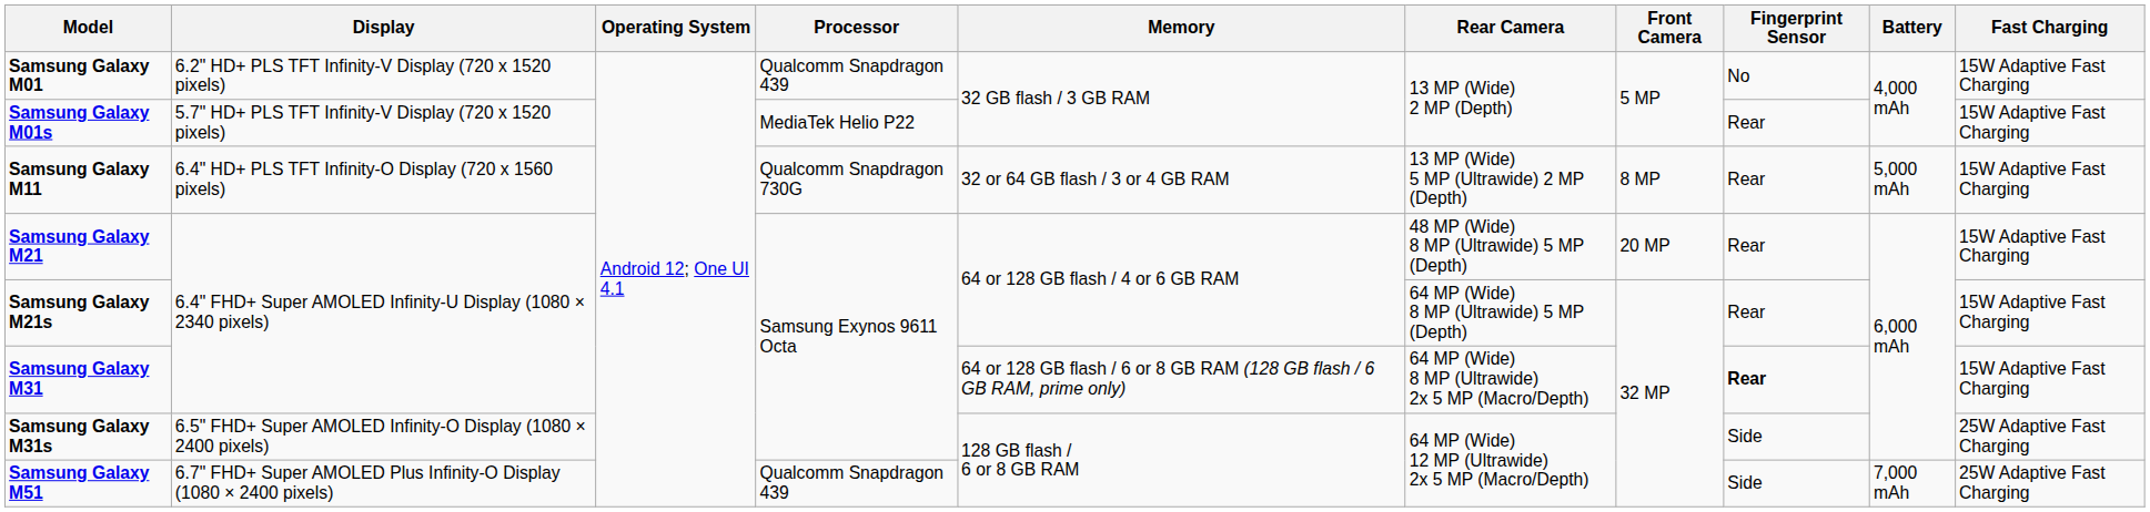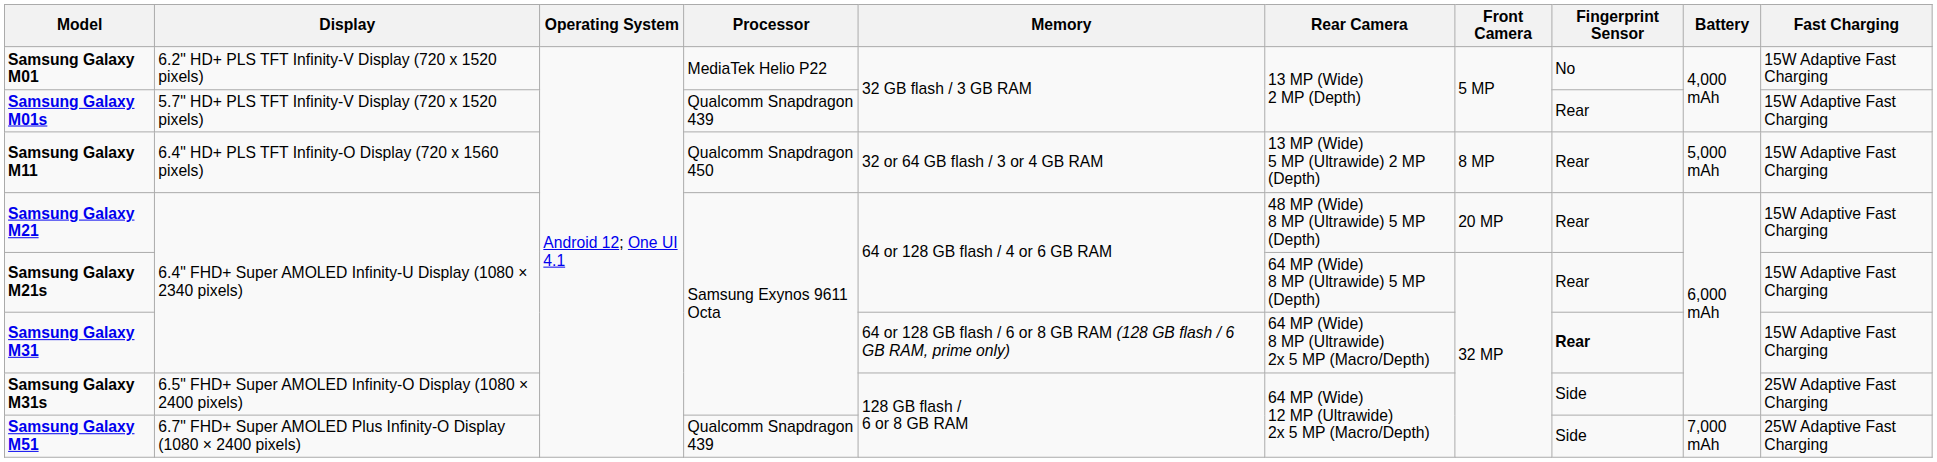 <table class="wikitable">
 <tr>
 <th>Model</th>
 <th>Display</th>
 <th>Operating System</th>
 <th>Processor</th>
 <th>Memory</th>
 <th>Rear Camera</th>
 <th>Front Camera</th>
 <th>Fingerprint Sensor</th>
 <th>Battery</th>
 <th>Fast Charging</th>
 </tr>
 <tr>
 <td><strong>Samsung Galaxy M01</strong></td>
 <td>6.2" HD+ PLS TFT Infinity-V Display (720 x 1520 pixels)</td>
 <td rowspan="8"><a href='#'>Android 12</a>; <a href='#'>One UI 4.1</a></td>
-<td>Qualcomm Snapdragon 439</td>
+<td>MediaTek Helio P22</td>
 <td rowspan="2">32 GB flash / 3 GB RAM</td>
 <td rowspan="2">13 MP (Wide)<br>2 MP (Depth)</td>
 <td rowspan="2">5 MP</td>
 <td>No</td>
 <td rowspan="2">4,000 mAh</td>
 <td>15W Adaptive Fast Charging</td>
 </tr>
 <tr>
 <td><strong><a href='#'>Samsung Galaxy M01s</a></strong></td>
 <td>5.7" HD+ PLS TFT Infinity-V Display (720 x 1520 pixels)</td>
-<td>MediaTek Helio P22</td>
+<td>Qualcomm Snapdragon 439</td>
 <td>Rear</td>
 <td>15W Adaptive Fast Charging</td>
 </tr>
 <tr>
 <td><strong>Samsung Galaxy M11</strong></td>
 <td>6.4" HD+ PLS TFT Infinity-O Display (720 x 1560 pixels)</td>
-<td>Qualcomm Snapdragon 730G</td>
+<td>Qualcomm Snapdragon 450</td>
 <td>32 or 64 GB flash / 3 or 4 GB RAM</td>
 <td>13 MP (Wide)<br>5 MP (Ultrawide) 2 MP (Depth)</td>
 <td>8 MP</td>
 <td>Rear</td>
 <td>5,000 mAh</td>
 <td>15W Adaptive Fast Charging</td>
 </tr>
 <tr>
 <td><strong><a href='#'>Samsung Galaxy M21</a></strong></td>
 <td rowspan="3">6.4" FHD+ Super AMOLED Infinity-U Display (1080 × 2340 pixels)</td>
 <td rowspan="4">Samsung Exynos 9611 Octa</td>
 <td rowspan="2">64 or 128 GB flash / 4 or 6 GB RAM</td>
 <td>48 MP (Wide)<br>8 MP (Ultrawide) 5 MP (Depth)</td>
 <td>20 MP</td>
 <td>Rear</td>
 <td rowspan="4">6,000 mAh</td>
 <td>15W Adaptive Fast Charging</td>
 </tr>
 <tr>
 <td><strong>Samsung Galaxy M21s</strong></td>
 <td>64 MP (Wide)<br>8 MP (Ultrawide) 5 MP (Depth)</td>
 <td rowspan="4">32 MP</td>
 <td>Rear</td>
 <td>15W Adaptive Fast Charging</td>
 </tr>
 <tr>
 <td><strong><a href='#'>Samsung Galaxy M31</a></strong></td>
 <td>64 or 128 GB flash / 6 or 8 GB RAM <em>(128 GB flash / 6 GB RAM, prime only)</em></td>
 <td>64 MP (Wide)<br>8 MP (Ultrawide)<br>2x 5 MP (Macro/Depth)</td>
 <td><strong>Rear</strong></td>
 <td>15W Adaptive Fast Charging</td>
 </tr>
 <tr>
 <td><strong>Samsung Galaxy M31s</strong></td>
 <td>6.5" FHD+ Super AMOLED Infinity-O Display (1080 × 2400 pixels)</td>
 <td rowspan="2">128 GB flash /<br>6 or 8 GB RAM</td>
 <td rowspan="2">64 MP (Wide)<br>12 MP (Ultrawide)<br>2x 5 MP (Macro/Depth)</td>
 <td>Side</td>
 <td>25W Adaptive Fast Charging</td>
 </tr>
 <tr>
 <td><strong><a href='#'>Samsung Galaxy M51</a></strong></td>
 <td>6.7" FHD+ Super AMOLED Plus Infinity-O Display (1080 × 2400 pixels)</td>
 <td>Qualcomm Snapdragon 439</td>
 <td>Side</td>
 <td>7,000 mAh</td>
 <td>25W Adaptive Fast Charging</td>
 </tr>
 </table>
